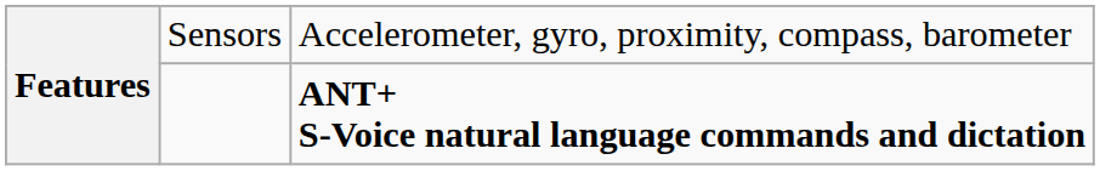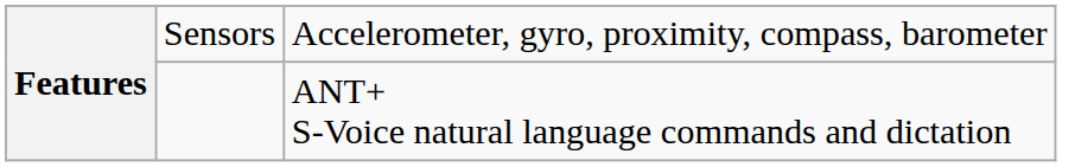 <table class="wikitable">
 <tr>
 <th rowspan="9">Features</th>
 <td>Sensors</td>
 <td>Accelerometer, gyro, proximity, compass, barometer</td>
 </tr>
 <tr>
 <td></td>
-<td><strong>ANT+<br>S-Voice natural language commands and dictation</strong></td>
+<td>ANT+<br>S-Voice natural language commands and dictation</td>
 </tr>
 </table>
